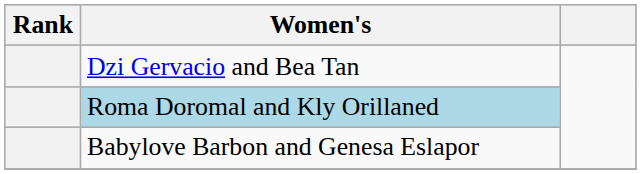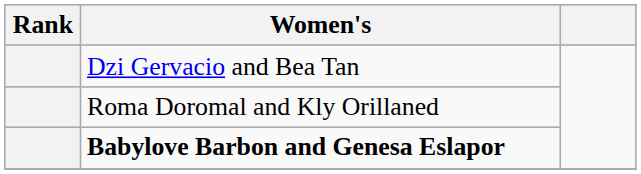 <table class="wikitable" style="text-align: center;">
 <tr>
 <th width=40>Rank</th>
 <th width=290>Women's</th>
 <th width=40></th>
 </tr>
 <tr>
 <th></th>
 <td style="text-align:left;"><a href='#'>Dzi Gervacio</a> and Bea Tan </td>
 <td rowspan=3></td>
 </tr>
 <tr>
 <th></th>
-<td style="background: lightblue; text-align:left;">Roma Doromal and Kly Orillaned </td>
+<td style="text-align:left;">Roma Doromal and Kly Orillaned </td>
 </tr>
 <tr>
 <th></th>
-<td style="text-align:left;">Babylove Barbon and Genesa Eslapor </td>
+<td style="text-align:left;"><strong>Babylove Barbon and Genesa Eslapor </strong></td>
 </tr>
 <tr>
 </tr>
 </table>
